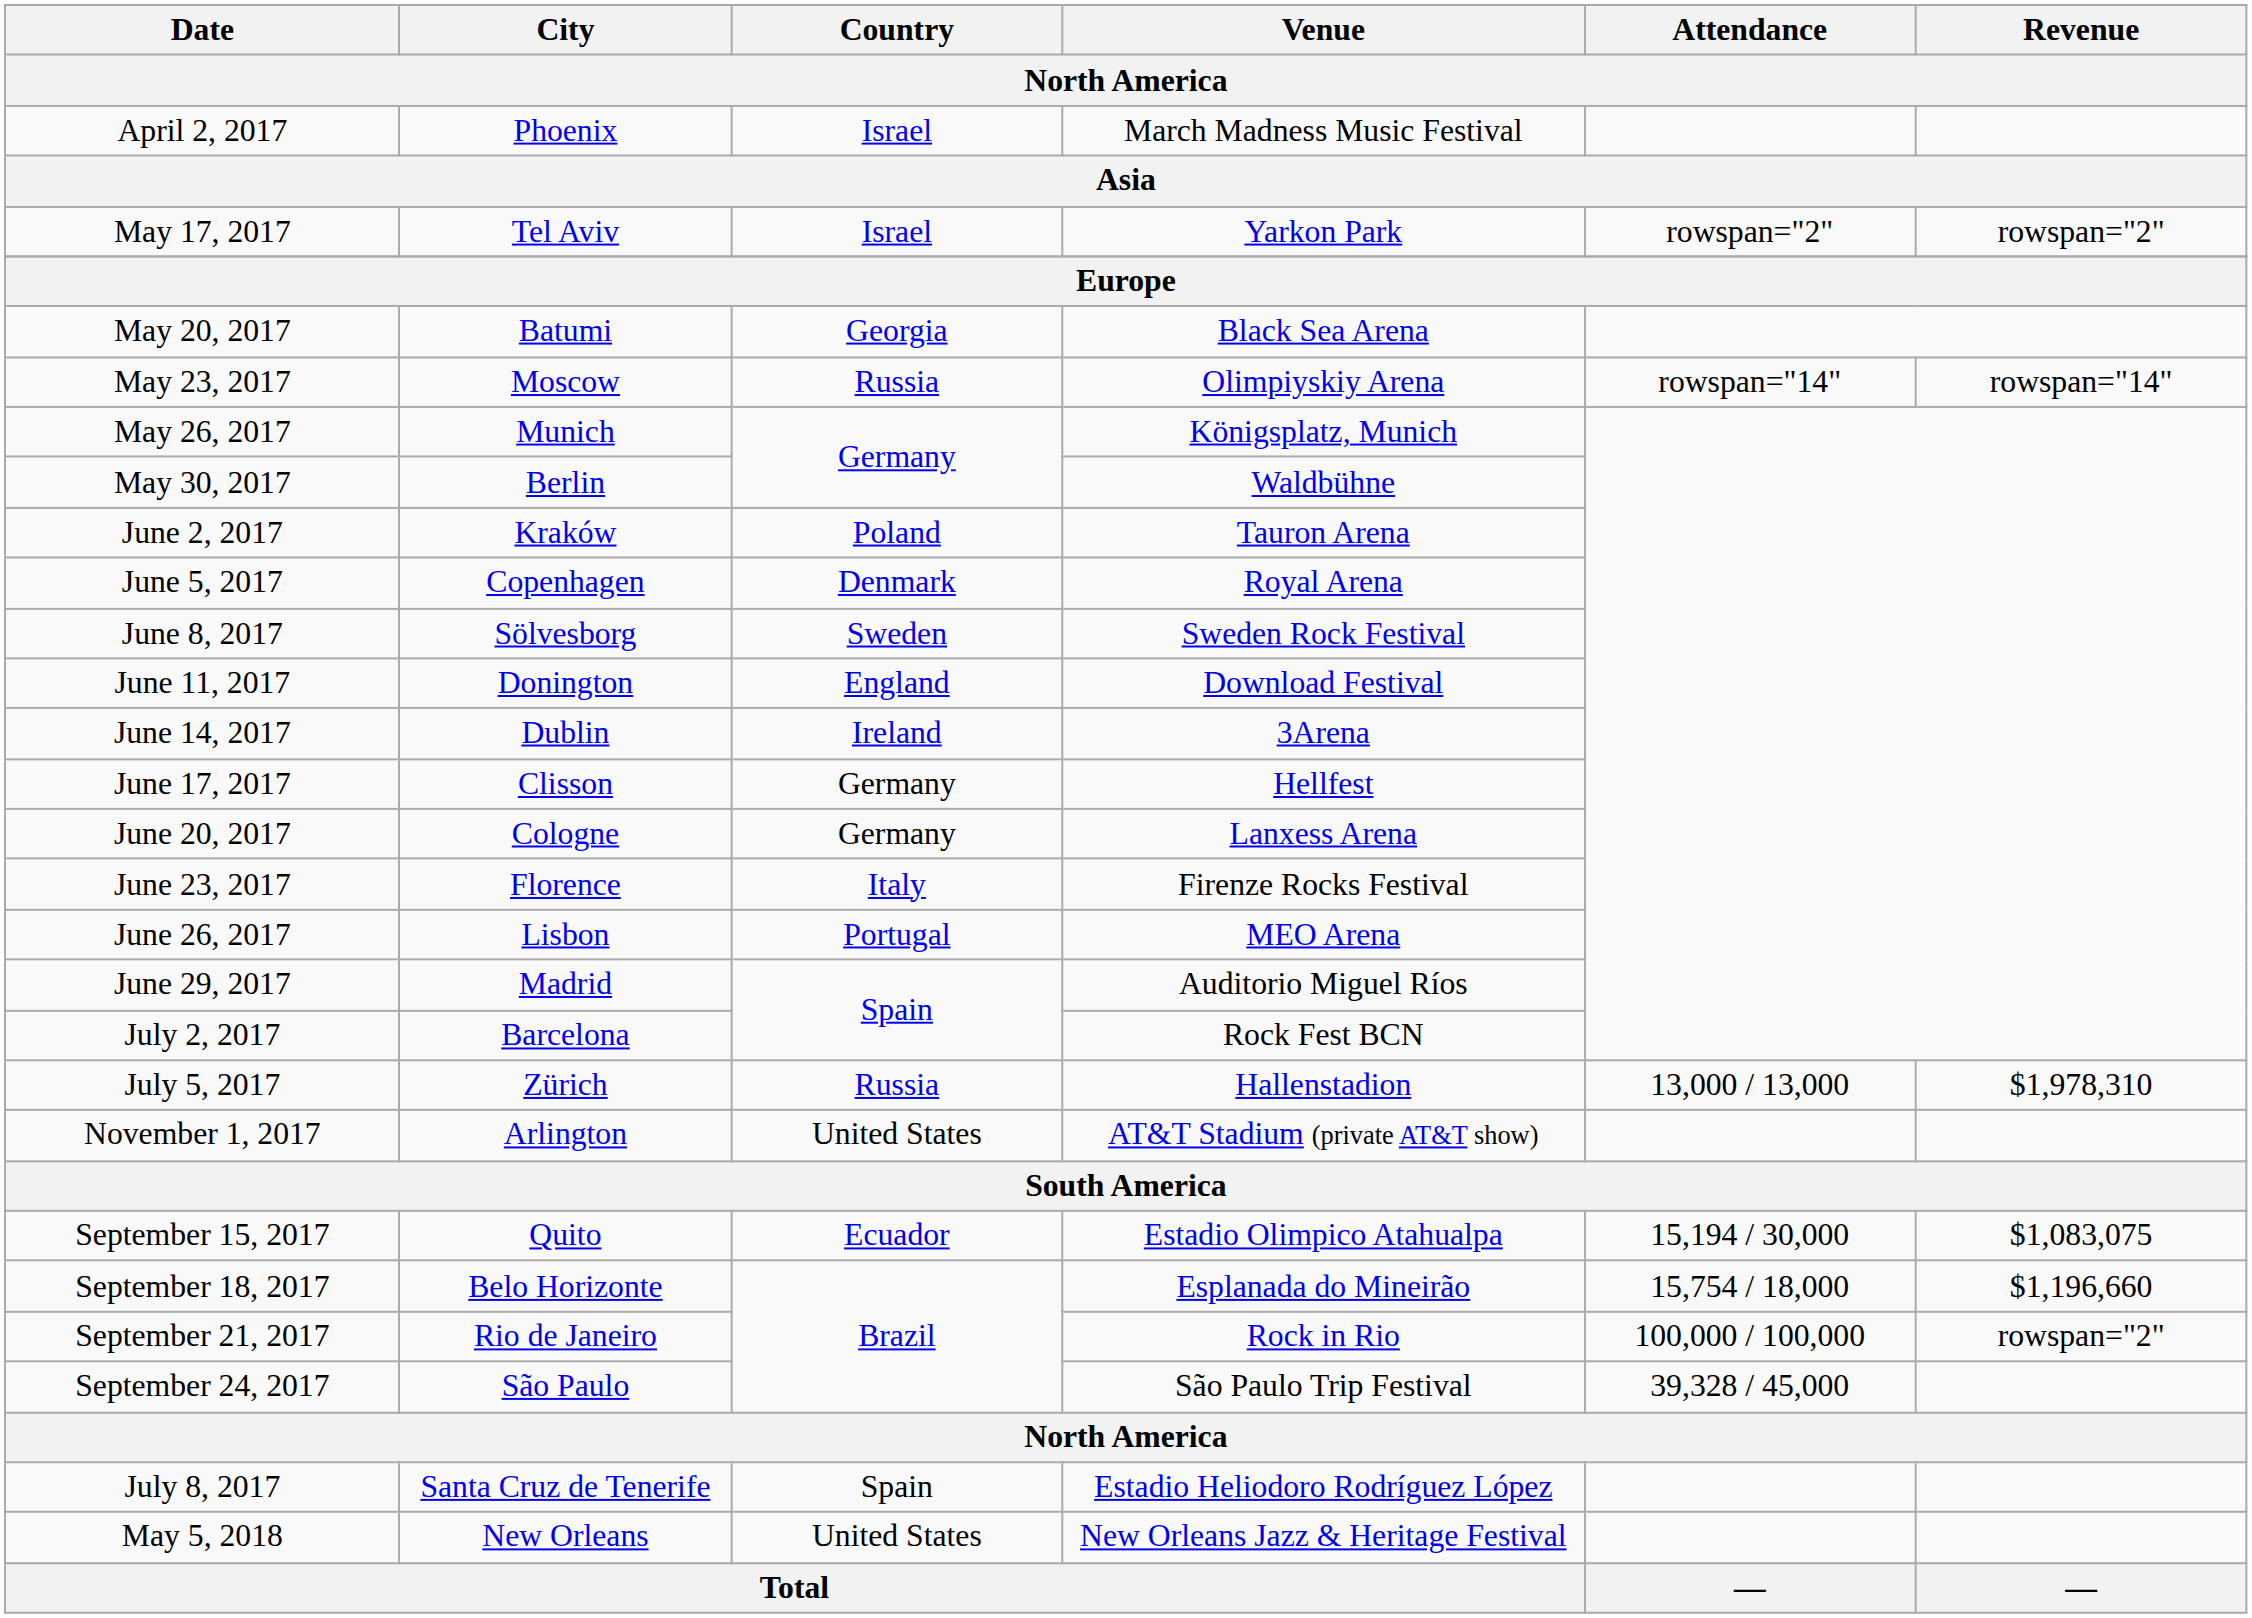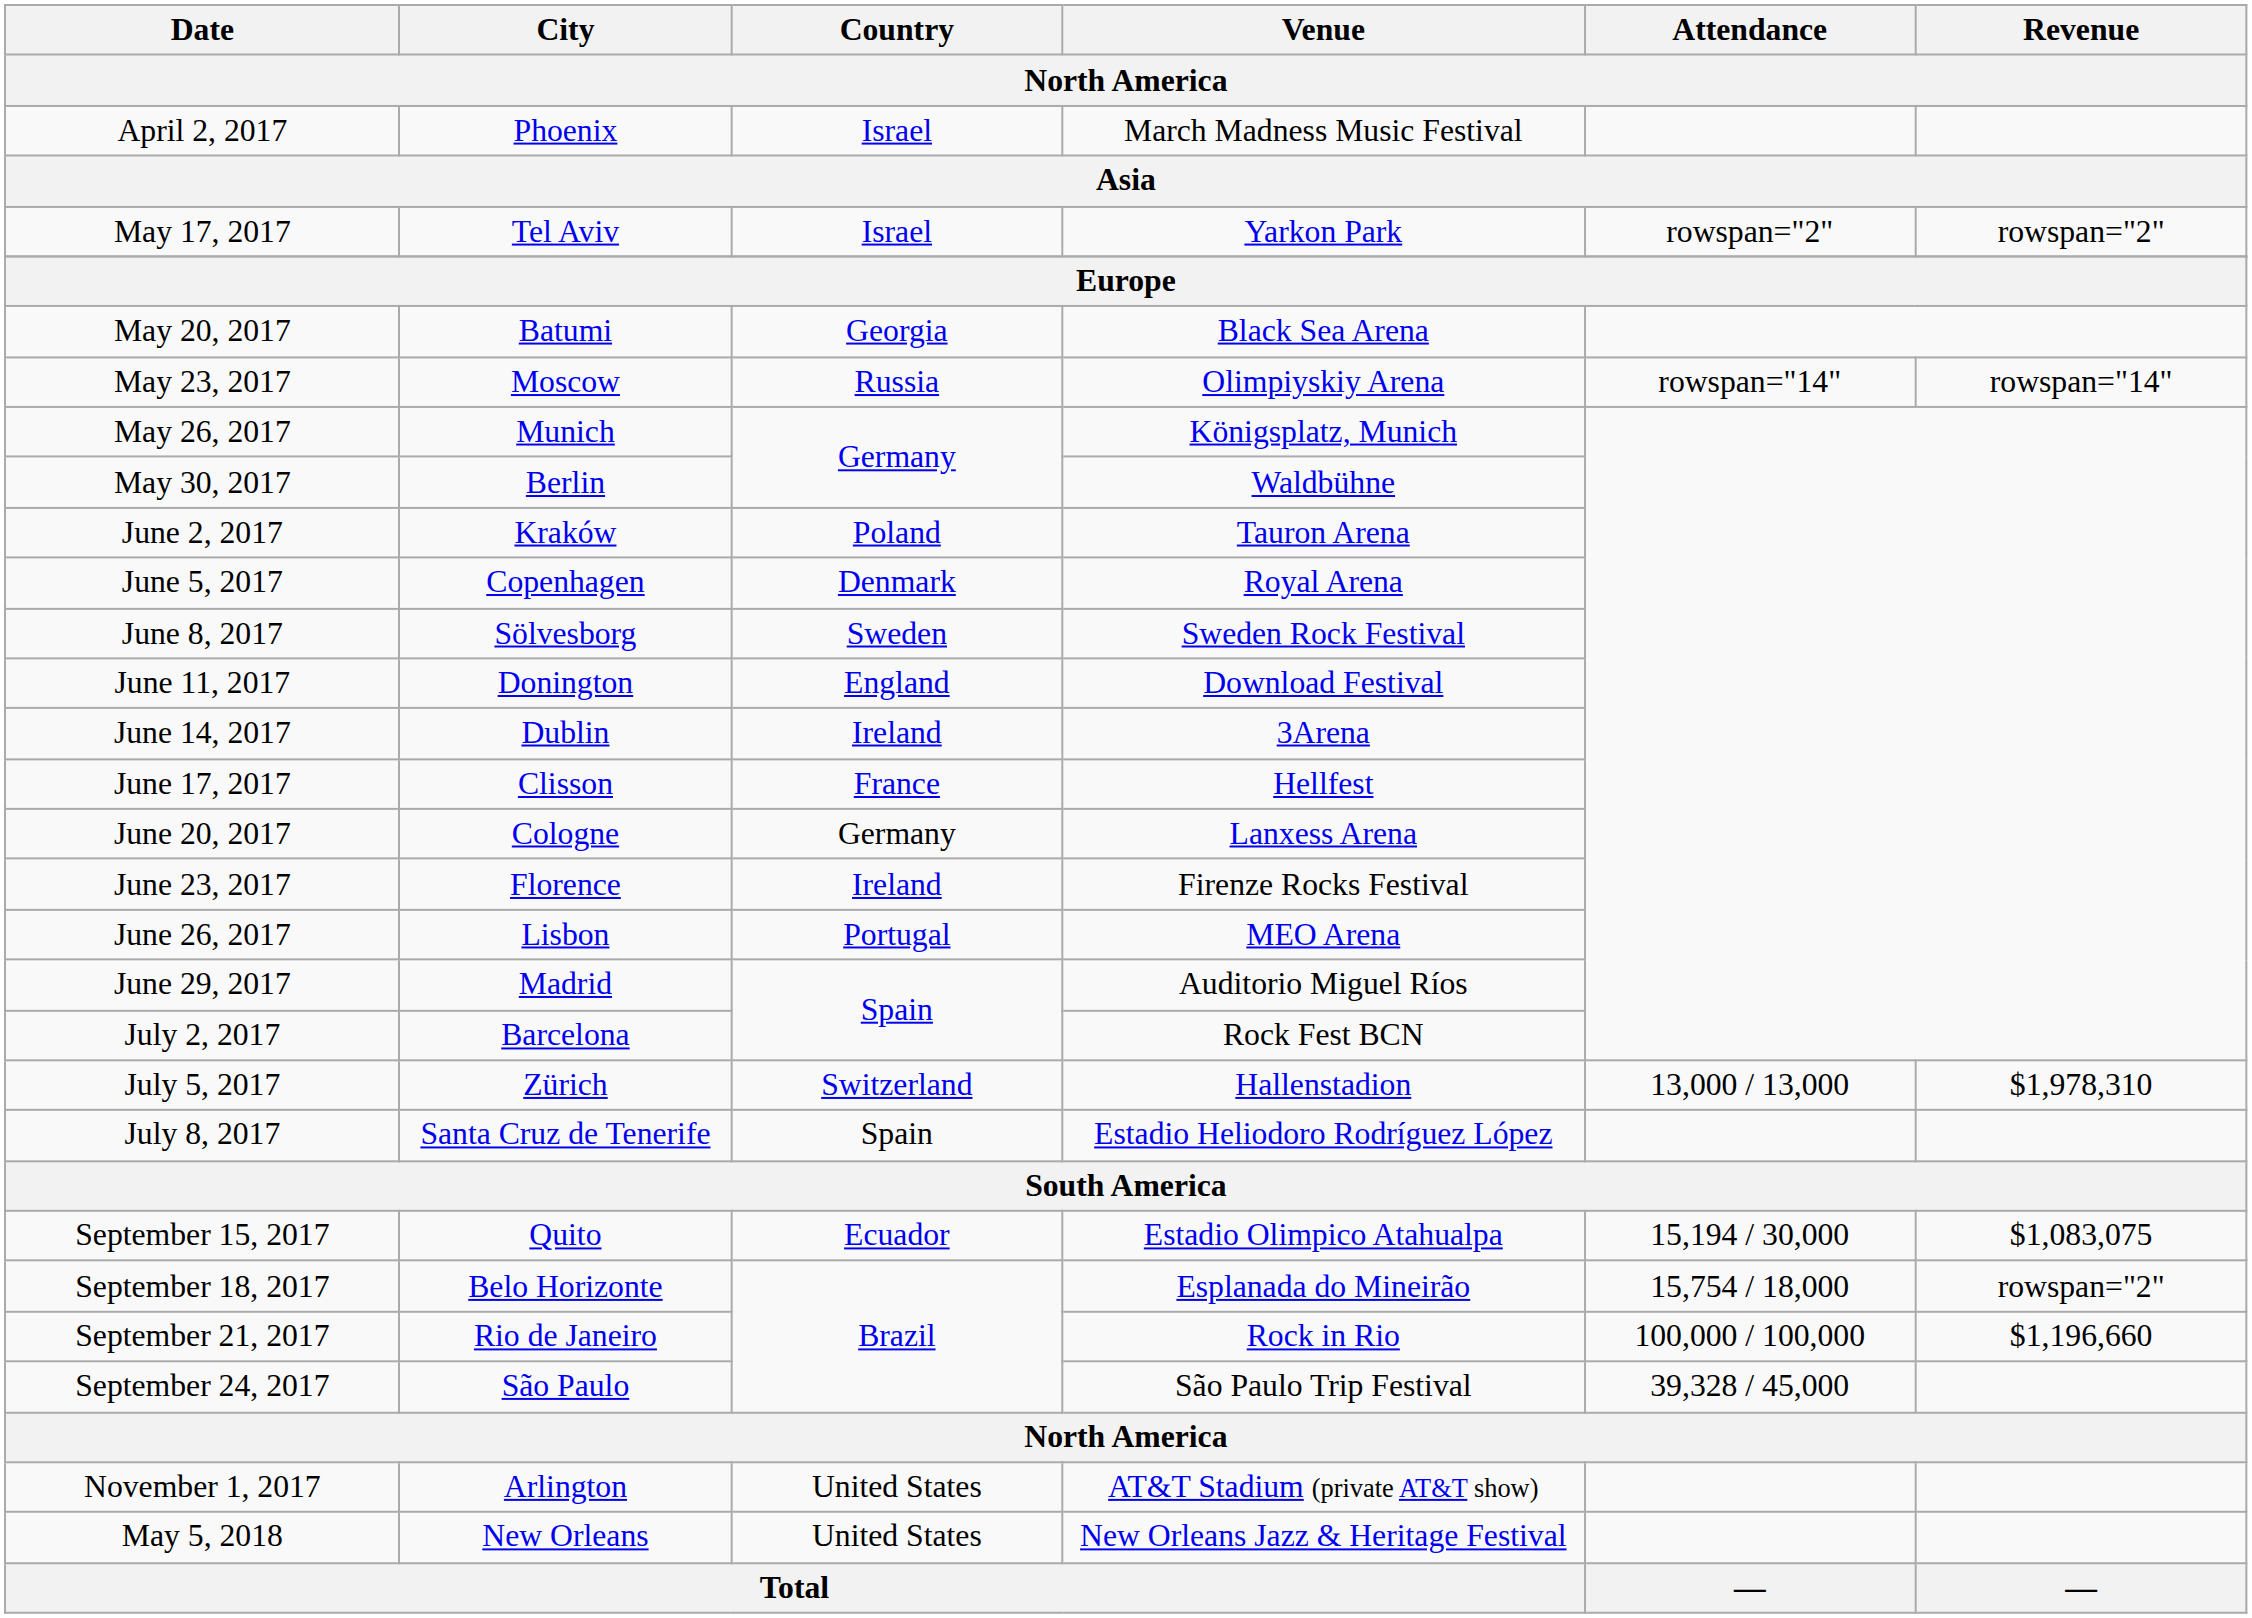 <table class="wikitable" style="text-align:center;">
 <tr>
 <th scope="col" style="width:12em;">Date</th>
 <th scope="col" style="width:10em;">City</th>
 <th scope="col" style="width:10em;">Country</th>
 <th scope="col" style="width:16em;">Venue</th>
 <th scope="col" style="width:10em;">Attendance</th>
 <th scope="col" style="width:10em;">Revenue</th>
 </tr>
 <tr>
 <th colspan="6">North America</th>
 </tr>
 <tr>
 <td>April 2, 2017</td>
 <td><a href='#'>Phoenix</a></td>
 <td><a href='#'>Israel</a></td>
 <td>March Madness Music Festival</td>
 <td></td>
 <td></td>
 </tr>
 <tr>
 <th colspan="6">Asia</th>
 </tr>
 <tr>
 <td>May 17, 2017</td>
 <td><a href='#'>Tel Aviv</a></td>
 <td><a href='#'>Israel</a></td>
 <td><a href='#'>Yarkon Park</a></td>
 <td>rowspan="2" </td>
 <td>rowspan="2" </td>
 </tr>
 <tr>
 </tr>
 <tr>
 <th colspan="6">Europe</th>
 </tr>
 <tr>
 <td>May 20, 2017</td>
 <td><a href='#'>Batumi</a></td>
 <td><a href='#'>Georgia</a></td>
 <td><a href='#'>Black Sea Arena</a></td>
 </tr>
 <tr>
 <td>May 23, 2017</td>
 <td><a href='#'>Moscow</a></td>
 <td><a href='#'>Russia</a></td>
 <td><a href='#'>Olimpiyskiy Arena</a></td>
 <td>rowspan="14" </td>
 <td>rowspan="14" </td>
 </tr>
 <tr>
 <td>May 26, 2017</td>
 <td><a href='#'>Munich</a></td>
 <td rowspan="2"><a href='#'>Germany</a></td>
 <td><a href='#'>Königsplatz, Munich</a></td>
 </tr>
 <tr>
 <td>May 30, 2017</td>
 <td><a href='#'>Berlin</a></td>
 <td><a href='#'>Waldbühne</a></td>
 </tr>
 <tr>
 <td>June 2, 2017</td>
 <td><a href='#'>Kraków</a></td>
 <td><a href='#'>Poland</a></td>
 <td><a href='#'>Tauron Arena</a></td>
 </tr>
 <tr>
 <td>June 5, 2017</td>
 <td><a href='#'>Copenhagen</a></td>
 <td><a href='#'>Denmark</a></td>
 <td><a href='#'>Royal Arena</a></td>
 </tr>
 <tr>
 <td>June 8, 2017</td>
 <td><a href='#'>Sölvesborg</a></td>
 <td><a href='#'>Sweden</a></td>
 <td><a href='#'>Sweden Rock Festival</a></td>
 </tr>
 <tr>
 <td>June 11, 2017</td>
 <td><a href='#'>Donington</a></td>
 <td><a href='#'>England</a></td>
 <td><a href='#'>Download Festival</a></td>
 </tr>
 <tr>
 <td>June 14, 2017</td>
 <td><a href='#'>Dublin</a></td>
 <td><a href='#'>Ireland</a></td>
 <td><a href='#'>3Arena</a></td>
 </tr>
 <tr>
 <td>June 17, 2017</td>
 <td><a href='#'>Clisson</a></td>
-<td>Germany</td>
+<td><a href='#'>France</a></td>
 <td><a href='#'>Hellfest</a></td>
 </tr>
 <tr>
 <td>June 20, 2017</td>
 <td><a href='#'>Cologne</a></td>
 <td>Germany</td>
 <td><a href='#'>Lanxess Arena</a></td>
 </tr>
 <tr>
 <td>June 23, 2017</td>
 <td><a href='#'>Florence</a></td>
-<td><a href='#'>Italy</a></td>
+<td><a href='#'>Ireland</a></td>
 <td>Firenze Rocks Festival</td>
 </tr>
 <tr>
 <td>June 26, 2017</td>
 <td><a href='#'>Lisbon</a></td>
 <td><a href='#'>Portugal</a></td>
 <td><a href='#'>MEO Arena</a></td>
 </tr>
 <tr>
 <td>June 29, 2017</td>
 <td><a href='#'>Madrid</a></td>
 <td rowspan="2"><a href='#'>Spain</a></td>
 <td>Auditorio Miguel Ríos</td>
 </tr>
 <tr>
 <td>July 2, 2017</td>
 <td><a href='#'>Barcelona</a></td>
 <td>Rock Fest BCN</td>
 </tr>
 <tr>
 <td>July 5, 2017</td>
 <td><a href='#'>Zürich</a></td>
-<td><a href='#'>Russia</a></td>
+<td><a href='#'>Switzerland</a></td>
 <td><a href='#'>Hallenstadion</a></td>
 <td>13,000 / 13,000</td>
 <td>$1,978,310</td>
 </tr>
 <tr>
-<td>November 1, 2017</td>
-<td><a href='#'>Arlington</a></td>
-<td>United States</td>
-<td><a href='#'>AT&T Stadium</a> <small>(private <a href='#'>AT&T</a> show)</small></td>
+<td>July 8, 2017</td>
+<td><a href='#'>Santa Cruz de Tenerife</a></td>
+<td>Spain</td>
+<td><a href='#'>Estadio Heliodoro Rodríguez López</a></td>
 <td></td>
 <td></td>
 </tr>
 <tr>
 <th colspan="6">South America</th>
 </tr>
 <tr>
 <td>September 15, 2017</td>
 <td><a href='#'>Quito</a></td>
 <td><a href='#'>Ecuador</a></td>
 <td><a href='#'>Estadio Olimpico Atahualpa</a></td>
 <td>15,194 / 30,000</td>
 <td>$1,083,075</td>
 </tr>
 <tr>
 <td>September 18, 2017</td>
 <td><a href='#'>Belo Horizonte</a></td>
 <td rowspan="3"><a href='#'>Brazil</a></td>
 <td><a href='#'>Esplanada do Mineirão</a></td>
 <td>15,754 / 18,000</td>
-<td>$1,196,660</td>
+<td>rowspan="2" </td>
 </tr>
 <tr>
 <td>September 21, 2017</td>
 <td><a href='#'>Rio de Janeiro</a></td>
 <td><a href='#'>Rock in Rio</a></td>
 <td>100,000 / 100,000</td>
-<td>rowspan="2" </td>
+<td>$1,196,660</td>
 </tr>
 <tr>
 <td>September 24, 2017</td>
 <td><a href='#'>São Paulo</a></td>
 <td>São Paulo Trip Festival</td>
 <td>39,328 / 45,000</td>
 </tr>
 <tr>
 <th colspan="6">North America</th>
 </tr>
 <tr>
-<td>July 8, 2017</td>
-<td><a href='#'>Santa Cruz de Tenerife</a></td>
-<td>Spain</td>
-<td><a href='#'>Estadio Heliodoro Rodríguez López</a></td>
+<td>November 1, 2017</td>
+<td><a href='#'>Arlington</a></td>
+<td>United States</td>
+<td><a href='#'>AT&T Stadium</a> <small>(private <a href='#'>AT&T</a> show)</small></td>
 <td></td>
 <td></td>
 </tr>
 <tr>
 <td>May 5, 2018</td>
 <td><a href='#'>New Orleans</a></td>
 <td>United States</td>
 <td><a href='#'>New Orleans Jazz & Heritage Festival</a></td>
 <td></td>
 <td></td>
 </tr>
 <tr>
 <th colspan="4">Total</th>
 <th>—</th>
 <th>—</th>
 </tr>
 </table>
